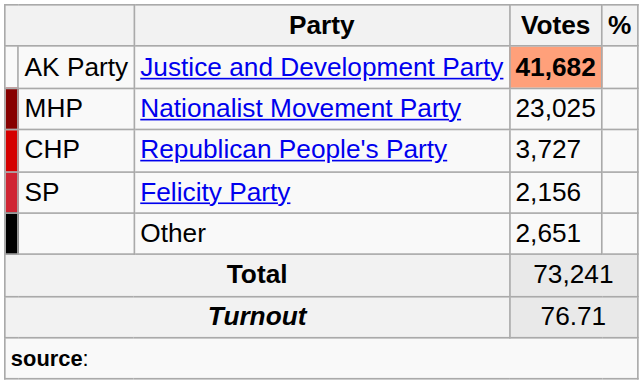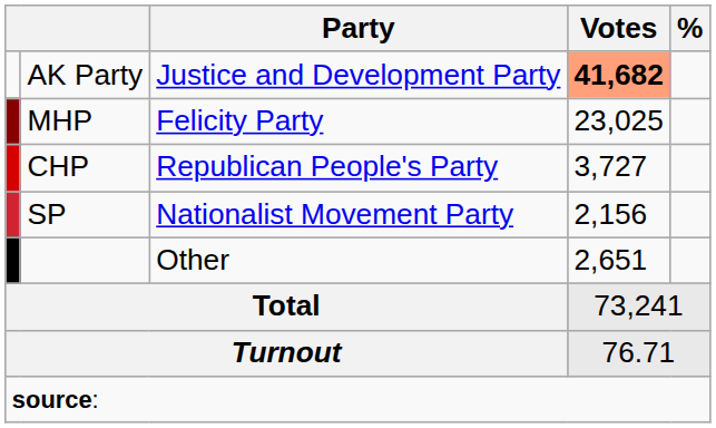 <table class="wikitable">
 <tr>
 <th colspan="2" align="center"></th>
 <th align="center">Party</th>
 <th align="center">Votes</th>
 <th align="center">%</th>
 </tr>
 <tr align="left">
 <td></td>
 <td>AK Party</td>
 <td><a href='#'>Justice and Development Party</a></td>
 <td style="background: lightsalmon;"><strong>41,682</strong></td>
 <td><strong></strong></td>
 </tr>
 <tr align="left">
 <td bgcolor="#870000" width="1"></td>
 <td>MHP</td>
-<td><a href='#'>Nationalist Movement Party</a></td>
+<td><a href='#'>Felicity Party</a></td>
 <td>23,025</td>
 <td></td>
 </tr>
 <tr align="left">
 <td bgcolor="#d50000" width="1"></td>
 <td>CHP</td>
 <td><a href='#'>Republican People's Party</a></td>
 <td>3,727</td>
 <td></td>
 </tr>
 <tr align="left">
 <td bgcolor="#D02433" width="1"></td>
 <td>SP</td>
-<td><a href='#'>Felicity Party</a></td>
+<td><a href='#'>Nationalist Movement Party</a></td>
 <td>2,156</td>
 <td></td>
 </tr>
 <tr align="left">
 <td bgcolor=" " width="1"></td>
 <td></td>
 <td>Other</td>
 <td>2,651</td>
 <td></td>
 </tr>
 <tr align="left" style="background-color:#E9E9E9">
 <th colspan="3" align="center"><strong>Total</strong></th>
 <td colspan="5" align="center">73,241</td>
 </tr>
 <tr align="left" style="background-color:#E9E9E9">
 <th colspan="3" align="center"><em>Turnout</em></th>
 <td colspan="5" align="center">76.71</td>
 </tr>
 <tr>
 <td colspan="9" align="left"><small><strong>source</strong>: </small></td>
 </tr>
 </table>
